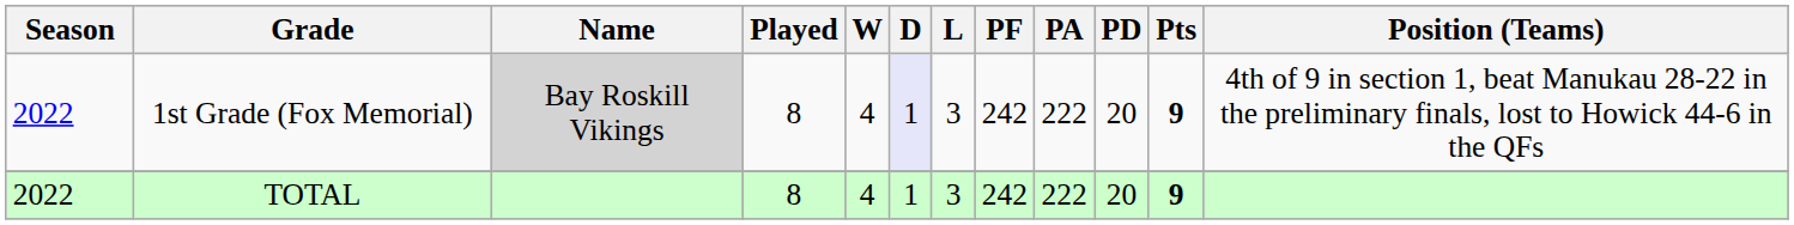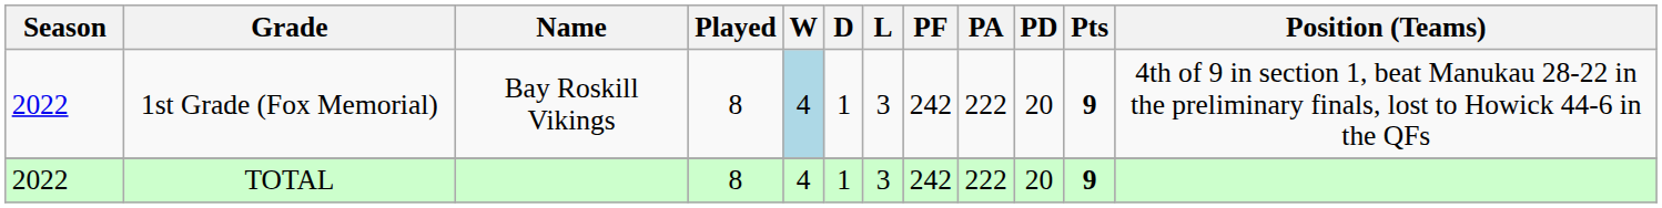 <table class="wikitable" style="text-align:center;">
 <tr>
 <th width=60>Season</th>
 <th width=180 abbr="Grade">Grade</th>
 <th width=125 abbr="Name">Name</th>
 <th width=15 abbr="Played">Played</th>
 <th width=15 abbr="Won">W</th>
 <th width=15 abbr="Drawn">D</th>
 <th width=15 abbr="Lost">L</th>
 <th width=20 abbr="Points for">PF</th>
 <th width=20 abbr="Points against">PA</th>
 <th width=20 abbr="Points difference">PD</th>
 <th width=20 abbr="Points">Pts</th>
 <th width=300>Position (Teams)</th>
 </tr>
 <tr>
 <td style="text-align:left;"><a href='#'>2022</a></td>
 <td>1st Grade (Fox Memorial)</td>
-<td style="background: lightgrey;">Bay Roskill Vikings</td>
+<td>Bay Roskill Vikings</td>
 <td>8</td>
-<td>4</td>
-<td style="background: lavender;">1</td>
+<td style="background: lightblue;">4</td>
+<td>1</td>
 <td>3</td>
 <td>242</td>
 <td>222</td>
 <td>20</td>
 <td><strong>9</strong></td>
 <td>4th of 9 in section 1, beat Manukau 28-22 in the preliminary finals, lost to Howick 44-6 in the QFs</td>
 </tr>
 <tr>
 </tr>
 <tr style="background: #ccffcc;">
 <td style="text-align:left;">2022</td>
 <td>TOTAL</td>
 <td></td>
 <td>8</td>
 <td>4</td>
 <td>1</td>
 <td>3</td>
 <td>242</td>
 <td>222</td>
 <td>20</td>
 <td><strong>9</strong></td>
 <td></td>
 </tr>
 </table>
